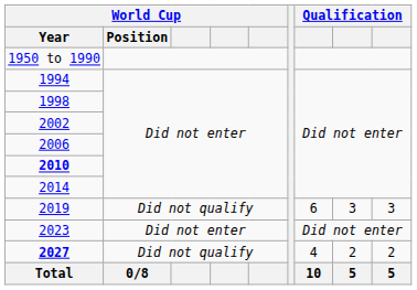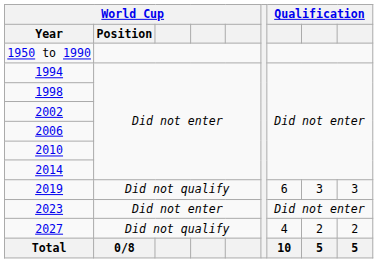 <table class="wikitable" style="text-align: center;font-size:90%;">
 <tr>
 <th colspan=5><a href='#'>World Cup</a></th>
 <th rowspan=13></th>
 <th colspan=3><a href='#'>Qualification</a></th>
 </tr>
 <tr>
 <th>Year</th>
 <th>Position</th>
 <th width=30></th>
 <th width=30></th>
 <th width=30></th>
 <th width=30></th>
 <th width=30></th>
 <th width=30></th>
 </tr>
 <tr>
 <td><a href='#'>1950</a> to <a href='#'>1990</a></td>
 <td colspan=4></td>
 <td colspan=3></td>
 </tr>
 <tr>
 <td> <a href='#'>1994</a></td>
 <td colspan=4 rowspan=6><em>Did not enter</em></td>
 <td colspan=3 rowspan=6><em>Did not enter</em></td>
 </tr>
 <tr>
 <td> <a href='#'>1998</a></td>
 </tr>
 <tr>
 <td> <a href='#'>2002</a></td>
 </tr>
 <tr>
 <td> <a href='#'>2006</a></td>
 </tr>
 <tr>
-<td><strong> <a href='#'>2010</a></strong></td>
+<td> <a href='#'>2010</a></td>
 </tr>
 <tr>
 <td> <a href='#'>2014</a></td>
 </tr>
 <tr>
 <td> <a href='#'>2019</a></td>
 <td colspan=4><em>Did not qualify</em></td>
 <td>6</td>
 <td>3</td>
 <td>3</td>
 </tr>
 <tr>
 <td> <a href='#'>2023</a></td>
 <td colspan=4><em>Did not enter</em></td>
 <td colspan=3><em>Did not enter</em></td>
 </tr>
 <tr>
-<td><strong> <a href='#'>2027</a></strong></td>
+<td> <a href='#'>2027</a></td>
 <td colspan=4><em>Did not qualify</em></td>
 <td>4</td>
 <td>2</td>
 <td>2</td>
 </tr>
 <tr>
 <th>Total</th>
 <th>0/8</th>
 <th></th>
 <th></th>
 <th></th>
 <th>10</th>
 <th>5</th>
 <th>5</th>
 </tr>
 </table>
